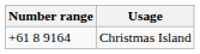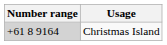 <table class="wikitable" border=1>
 <tr>
 <th>Number range</th>
 <th>Usage</th>
 </tr>
 <tr>
-<td>+61 8 9164</td>
+<td style="background: lightgrey;">+61 8 9164</td>
 <td>Christmas Island</td>
 </tr>
 </table>
